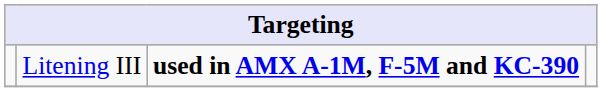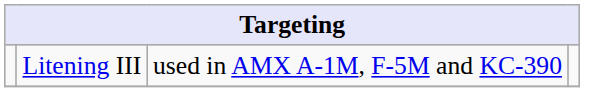 <table class="wikitable">
 <tr>
 <th style="align: center; background: lavender;" colspan="8"><strong>Targeting</strong></th>
 </tr>
 <tr>
 <td></td>
 <td><a href='#'>Litening</a> III</td>
-<td><strong>used in <a href='#'>AMX A-1M</a>, <a href='#'>F-5M</a> and <a href='#'>KC-390</a></strong></td>
+<td>used in <a href='#'>AMX A-1M</a>, <a href='#'>F-5M</a> and <a href='#'>KC-390</a></td>
 <td></td>
 </tr>
 <tr>
 </tr>
 </table>
